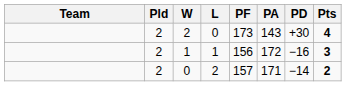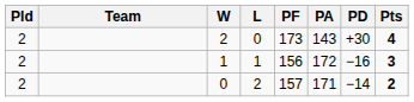 <table class=wikitable style="text-align:center">
 <tr>
+<th width=30>Pld</th>
 <th width=180>Team</th>
-<th width=30>Pld</th>
 <th width=30>W</th>
 <th width=30>L</th>
 <th width=30>PF</th>
 <th width=30>PA</th>
 <th width=30>PD</th>
 <th width=30>Pts</th>
 </tr>
 <tr>
+<td>2</td>
 <td align="left"></td>
-<td>2</td>
 <td>2</td>
 <td>0</td>
 <td>173</td>
 <td>143</td>
 <td>+30</td>
 <td><strong>4</strong></td>
 </tr>
 <tr>
+<td>2</td>
 <td align="left"></td>
-<td>2</td>
 <td>1</td>
 <td>1</td>
 <td>156</td>
 <td>172</td>
 <td>−16</td>
 <td><strong>3</strong></td>
 </tr>
 <tr>
+<td>2</td>
 <td align="left"></td>
-<td>2</td>
 <td>0</td>
 <td>2</td>
 <td>157</td>
 <td>171</td>
 <td>−14</td>
 <td><strong>2</strong></td>
 </tr>
 </table>
